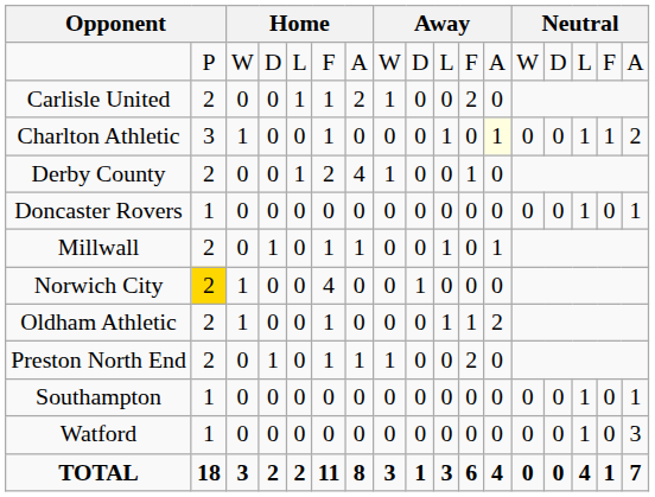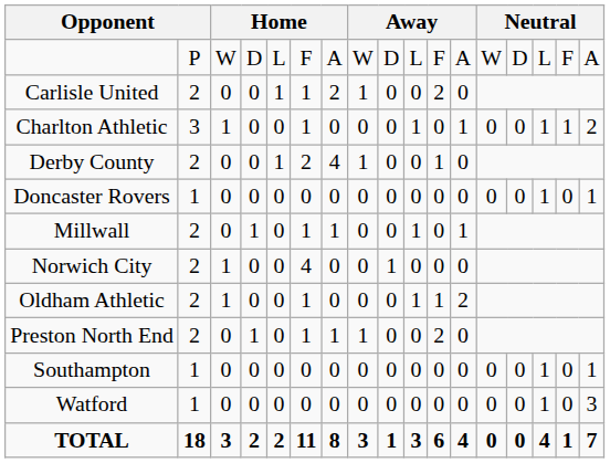 <table class="wikitable" style="text-align: center">
 <tr>
 <th colspan=2>Opponent</th>
 <th colspan=5>Home</th>
 <th colspan=5>Away</th>
 <th colspan=5>Neutral</th>
 </tr>
 <tr>
 <td></td>
 <td>P</td>
 <td>W</td>
 <td>D</td>
 <td>L</td>
 <td>F</td>
 <td>A</td>
 <td>W</td>
 <td>D</td>
 <td>L</td>
 <td>F</td>
 <td>A</td>
 <td>W</td>
 <td>D</td>
 <td>L</td>
 <td>F</td>
 <td>A</td>
 </tr>
 <tr>
 <td>Carlisle United</td>
 <td>2</td>
 <td>0</td>
 <td>0</td>
 <td>1</td>
 <td>1</td>
 <td>2</td>
 <td>1</td>
 <td>0</td>
 <td>0</td>
 <td>2</td>
 <td>0</td>
 <td colspan="5"></td>
 </tr>
 <tr>
 <td>Charlton Athletic</td>
 <td>3</td>
 <td>1</td>
 <td>0</td>
 <td>0</td>
 <td>1</td>
 <td>0</td>
 <td>0</td>
 <td>0</td>
 <td>1</td>
 <td>0</td>
-<td style="background: lightyellow;">1</td>
+<td>1</td>
 <td>0</td>
 <td>0</td>
 <td>1</td>
 <td>1</td>
 <td>2</td>
 </tr>
 <tr>
 <td>Derby County</td>
 <td>2</td>
 <td>0</td>
 <td>0</td>
 <td>1</td>
 <td>2</td>
 <td>4</td>
 <td>1</td>
 <td>0</td>
 <td>0</td>
 <td>1</td>
 <td 0>0</td>
 </tr>
 <tr>
 <td>Doncaster Rovers</td>
 <td>1</td>
 <td>0</td>
 <td>0</td>
 <td>0</td>
 <td>0</td>
 <td>0</td>
 <td>0</td>
 <td>0</td>
 <td>0</td>
 <td>0</td>
 <td>0</td>
 <td>0</td>
 <td>0</td>
 <td>1</td>
 <td>0</td>
 <td>1</td>
 </tr>
 <tr>
 <td>Millwall</td>
 <td>2</td>
 <td>0</td>
 <td>1</td>
 <td>0</td>
 <td>1</td>
 <td>1</td>
 <td>0</td>
 <td>0</td>
 <td>1</td>
 <td>0</td>
 <td>1</td>
 <td colspan="5"></td>
 </tr>
 <tr>
 <td>Norwich City</td>
-<td style="background: gold;">2</td>
+<td>2</td>
 <td>1</td>
 <td>0</td>
 <td>0</td>
 <td>4</td>
 <td>0</td>
 <td>0</td>
 <td>1</td>
 <td>0</td>
 <td>0</td>
 <td>0</td>
 <td colspan="5"></td>
 </tr>
 <tr>
 <td>Oldham Athletic</td>
 <td>2</td>
 <td>1</td>
 <td>0</td>
 <td>0</td>
 <td>1</td>
 <td>0</td>
 <td>0</td>
 <td>0</td>
 <td>1</td>
 <td>1</td>
 <td>2</td>
 <td colspan="5"></td>
 </tr>
 <tr>
 <td>Preston North End</td>
 <td>2</td>
 <td>0</td>
 <td>1</td>
 <td>0</td>
 <td>1</td>
 <td>1</td>
 <td>1</td>
 <td>0</td>
 <td>0</td>
 <td>2</td>
 <td>0</td>
 <td colspan="5"></td>
 </tr>
 <tr>
 <td>Southampton</td>
 <td>1</td>
 <td>0</td>
 <td>0</td>
 <td>0</td>
 <td>0</td>
 <td>0</td>
 <td>0</td>
 <td>0</td>
 <td>0</td>
 <td>0</td>
 <td>0</td>
 <td>0</td>
 <td>0</td>
 <td>1</td>
 <td>0</td>
 <td>1</td>
 </tr>
 <tr>
 <td>Watford</td>
 <td>1</td>
 <td>0</td>
 <td>0</td>
 <td>0</td>
 <td>0</td>
 <td>0</td>
 <td>0</td>
 <td>0</td>
 <td>0</td>
 <td>0</td>
 <td>0</td>
 <td>0</td>
 <td>0</td>
 <td>1</td>
 <td>0</td>
 <td>3</td>
 </tr>
 <tr>
 <td><strong>TOTAL</strong></td>
 <td><strong>18</strong></td>
 <td><strong>3</strong></td>
 <td><strong>2</strong></td>
 <td><strong>2</strong></td>
 <td><strong>11</strong></td>
 <td><strong>8</strong></td>
 <td><strong>3</strong></td>
 <td><strong>1</strong></td>
 <td><strong>3</strong></td>
 <td><strong>6</strong></td>
 <td><strong>4</strong></td>
 <td><strong>0</strong></td>
 <td><strong>0</strong></td>
 <td><strong>4</strong></td>
 <td><strong>1</strong></td>
 <td><strong>7</strong></td>
 </tr>
 </table>
